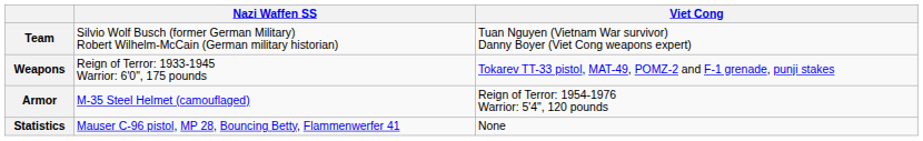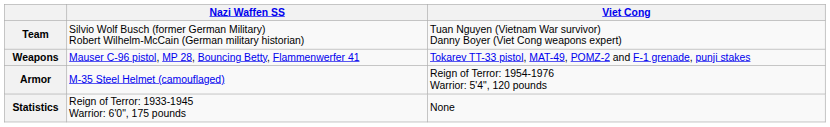 <table class="wikitable unsortable" ; style="width: 100%">
 <tr>
 <th></th>
 <th><strong><a href='#'>Nazi Waffen SS</a></strong></th>
 <th><strong><a href='#'>Viet Cong</a></strong></th>
 </tr>
 <tr>
 <th>Team</th>
 <td>Silvio Wolf Busch (former German Military)<br>Robert Wilhelm-McCain (German military historian)</td>
 <td>Tuan Nguyen (Vietnam War survivor)<br>Danny Boyer (Viet Cong weapons expert)</td>
 </tr>
 <tr>
 <th>Weapons</th>
-<td>Reign of Terror: 1933-1945<br>Warrior: 6'0", 175 pounds</td>
+<td><a href='#'>Mauser C-96 pistol</a>, <a href='#'>MP 28</a>, <a href='#'>Bouncing Betty</a>, <a href='#'>Flammenwerfer 41</a></td>
 <td><a href='#'>Tokarev TT-33 pistol</a>, <a href='#'>MAT-49</a>, <a href='#'>POMZ-2</a> and <a href='#'>F-1 grenade</a>, <a href='#'>punji stakes</a></td>
 </tr>
 <tr>
 <th>Armor</th>
 <td><a href='#'>M-35 Steel Helmet (camouflaged)</a></td>
 <td>Reign of Terror: 1954-1976<br>Warrior: 5'4", 120 pounds</td>
 </tr>
 <tr>
 <th>Statistics</th>
-<td><a href='#'>Mauser C-96 pistol</a>, <a href='#'>MP 28</a>, <a href='#'>Bouncing Betty</a>, <a href='#'>Flammenwerfer 41</a></td>
+<td>Reign of Terror: 1933-1945<br>Warrior: 6'0", 175 pounds</td>
 <td>None</td>
 </tr>
 </table>
